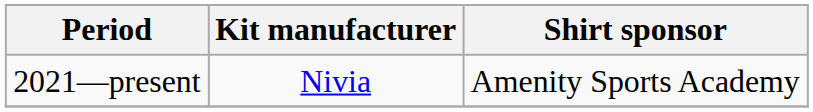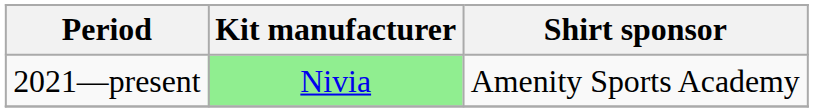 <table class="wikitable" style="text-align:center;margin-left:1em;float:center">
 <tr>
 <th>Period</th>
 <th>Kit manufacturer</th>
 <th>Shirt sponsor</th>
 </tr>
 <tr>
 <td>2021—present</td>
-<td><a href='#'>Nivia</a></td>
+<td style="background: lightgreen;"><a href='#'>Nivia</a></td>
 <td>Amenity Sports Academy</td>
 </tr>
 <tr>
 </tr>
 </table>
